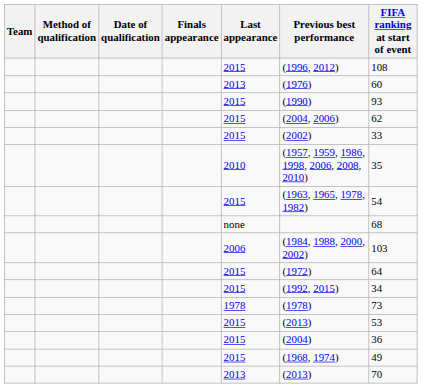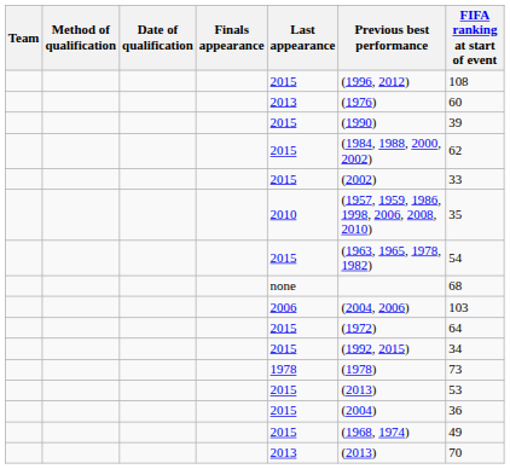 <table class="wikitable sortable" style="text-align:left;">
 <tr>
 <th>Team</th>
 <th>Method of<br>qualification</th>
 <th>Date of<br>qualification</th>
 <th>Finals<br>appearance</th>
 <th>Last<br>appearance</th>
 <th>Previous best<br>performance</th>
 <th><a href='#'>FIFA ranking</a><br>at start of event</th>
 </tr>
 <tr>
 <td></td>
 <td></td>
 <td></td>
 <td></td>
 <td><a href='#'>2015</a></td>
 <td> (<a href='#'>1996</a>, <a href='#'>2012</a>)</td>
 <td>108</td>
 </tr>
 <tr>
 <td></td>
 <td></td>
 <td></td>
 <td></td>
 <td><a href='#'>2013</a></td>
 <td> (<a href='#'>1976</a>)</td>
 <td>60</td>
 </tr>
 <tr>
 <td></td>
 <td></td>
 <td></td>
 <td></td>
 <td><a href='#'>2015</a></td>
 <td> (<a href='#'>1990</a>)</td>
-<td>93</td>
+<td>39</td>
 </tr>
 <tr>
 <td></td>
 <td></td>
 <td></td>
 <td></td>
 <td><a href='#'>2015</a></td>
-<td> (<a href='#'>2004</a>, <a href='#'>2006</a>)</td>
+<td> (<a href='#'>1984</a>, <a href='#'>1988</a>, <a href='#'>2000</a>, <a href='#'>2002</a>)</td>
 <td>62</td>
 </tr>
 <tr>
 <td></td>
 <td></td>
 <td></td>
 <td></td>
 <td><a href='#'>2015</a></td>
 <td> (<a href='#'>2002</a>)</td>
 <td>33</td>
 </tr>
 <tr>
 <td></td>
 <td></td>
 <td></td>
 <td></td>
 <td><a href='#'>2010</a></td>
 <td> (<a href='#'>1957</a>, <a href='#'>1959</a>, <a href='#'>1986</a>, <a href='#'>1998</a>, <a href='#'>2006</a>, <a href='#'>2008</a>, <a href='#'>2010</a>)</td>
 <td>35</td>
 </tr>
 <tr>
 <td></td>
 <td></td>
 <td></td>
 <td></td>
 <td><a href='#'>2015</a></td>
 <td> (<a href='#'>1963</a>, <a href='#'>1965</a>, <a href='#'>1978</a>, <a href='#'>1982</a>)</td>
 <td>54</td>
 </tr>
 <tr>
 <td></td>
 <td></td>
 <td></td>
 <td></td>
 <td>none</td>
 <td></td>
 <td>68</td>
 </tr>
 <tr>
 <td></td>
 <td></td>
 <td></td>
 <td></td>
 <td><a href='#'>2006</a></td>
-<td> (<a href='#'>1984</a>, <a href='#'>1988</a>, <a href='#'>2000</a>, <a href='#'>2002</a>)</td>
+<td> (<a href='#'>2004</a>, <a href='#'>2006</a>)</td>
 <td>103</td>
 </tr>
 <tr>
 <td></td>
 <td></td>
 <td></td>
 <td></td>
 <td><a href='#'>2015</a></td>
 <td> (<a href='#'>1972</a>)</td>
 <td>64</td>
 </tr>
 <tr>
 <td></td>
 <td></td>
 <td></td>
 <td></td>
 <td><a href='#'>2015</a></td>
 <td> (<a href='#'>1992</a>, <a href='#'>2015</a>)</td>
 <td>34</td>
 </tr>
 <tr>
 <td></td>
 <td></td>
 <td></td>
 <td></td>
 <td><a href='#'>1978</a></td>
 <td> (<a href='#'>1978</a>)</td>
 <td>73</td>
 </tr>
 <tr>
 <td></td>
 <td></td>
 <td></td>
 <td></td>
 <td><a href='#'>2015</a></td>
 <td> (<a href='#'>2013</a>)</td>
 <td>53</td>
 </tr>
 <tr>
 <td></td>
 <td></td>
 <td></td>
 <td></td>
 <td><a href='#'>2015</a></td>
 <td> (<a href='#'>2004</a>)</td>
 <td>36</td>
 </tr>
 <tr>
 <td></td>
 <td></td>
 <td></td>
 <td></td>
 <td><a href='#'>2015</a></td>
 <td> (<a href='#'>1968</a>, <a href='#'>1974</a>)</td>
 <td>49</td>
 </tr>
 <tr>
 <td></td>
 <td></td>
 <td></td>
 <td></td>
 <td><a href='#'>2013</a></td>
 <td> (<a href='#'>2013</a>)</td>
 <td>70</td>
 </tr>
 </table>
